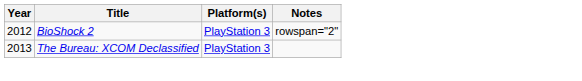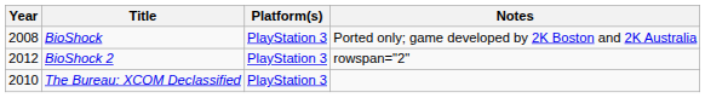 <table class="wikitable sortable">
 <tr>
 <th>Year</th>
 <th>Title</th>
 <th>Platform(s)</th>
 <th>Notes</th>
 </tr>
 <tr>
+<td>2008</td>
+<td><em><a href='#'>BioShock</a></em></td>
+<td><a href='#'>PlayStation 3</a></td>
+<td>Ported only; game developed by <a href='#'>2K Boston</a> and <a href='#'>2K Australia</a></td>
+</tr>
+<tr>
 <td>2012</td>
 <td><em><a href='#'>BioShock 2</a></em></td>
 <td><a href='#'>PlayStation 3</a></td>
 <td>rowspan="2" </td>
 </tr>
 <tr>
-<td>2013</td>
+<td>2010</td>
 <td><em><a href='#'>The Bureau: XCOM Declassified</a></em></td>
 <td><a href='#'>PlayStation 3</a></td>
 </tr>
 </table>
